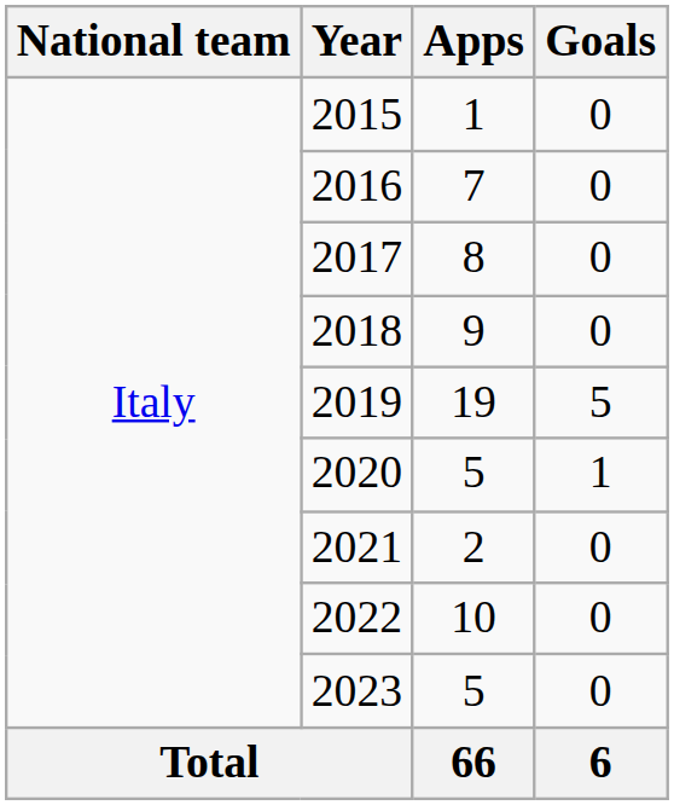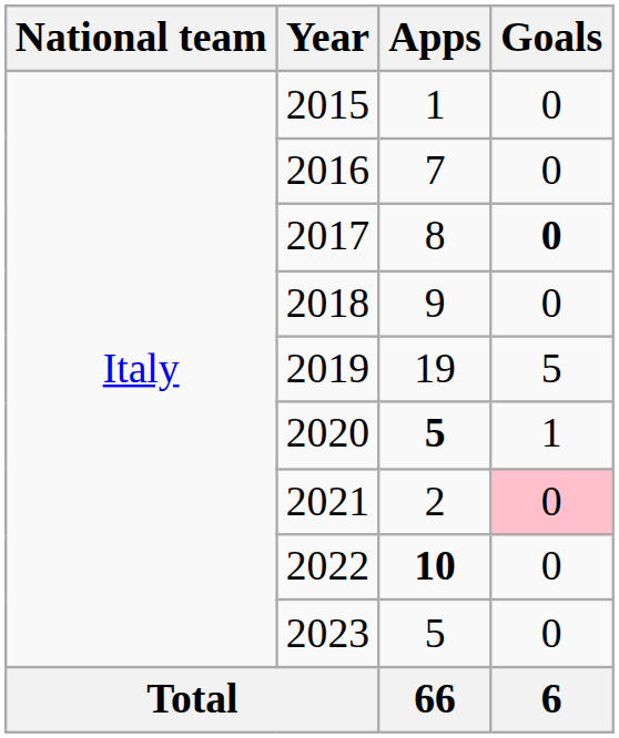 <table class="wikitable" style="text-align:center">
 <tr>
 <th>National team</th>
 <th>Year</th>
 <th>Apps</th>
 <th>Goals</th>
 </tr>
 <tr>
 <td rowspan="9"><a href='#'>Italy</a></td>
 <td>2015</td>
 <td>1</td>
 <td>0</td>
 </tr>
 <tr>
 <td>2016</td>
 <td>7</td>
 <td>0</td>
 </tr>
 <tr>
 <td>2017</td>
 <td>8</td>
-<td>0</td>
+<td><strong>0</strong></td>
 </tr>
 <tr>
 <td>2018</td>
 <td>9</td>
 <td>0</td>
 </tr>
 <tr>
 <td>2019</td>
 <td>19</td>
 <td>5</td>
 </tr>
 <tr>
 <td>2020</td>
-<td>5</td>
+<td><strong>5</strong></td>
 <td>1</td>
 </tr>
 <tr>
 <td>2021</td>
 <td>2</td>
-<td>0</td>
+<td style="background: pink;">0</td>
 </tr>
 <tr>
 <td>2022</td>
-<td>10</td>
+<td><strong>10</strong></td>
 <td>0</td>
 </tr>
 <tr>
 <td>2023</td>
 <td>5</td>
 <td>0</td>
 </tr>
 <tr>
 <th colspan="2">Total</th>
 <th>66</th>
 <th>6</th>
 </tr>
 </table>
